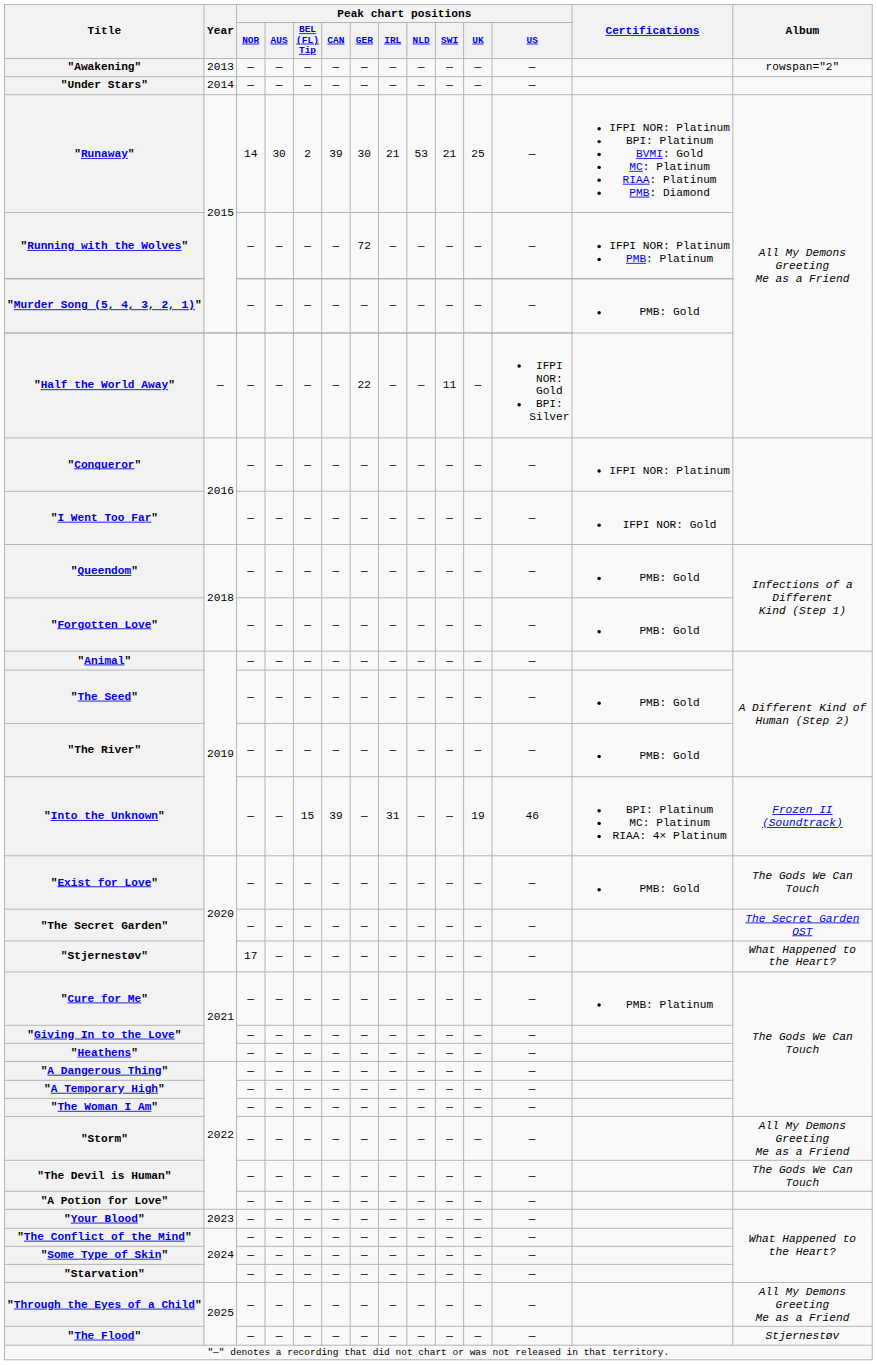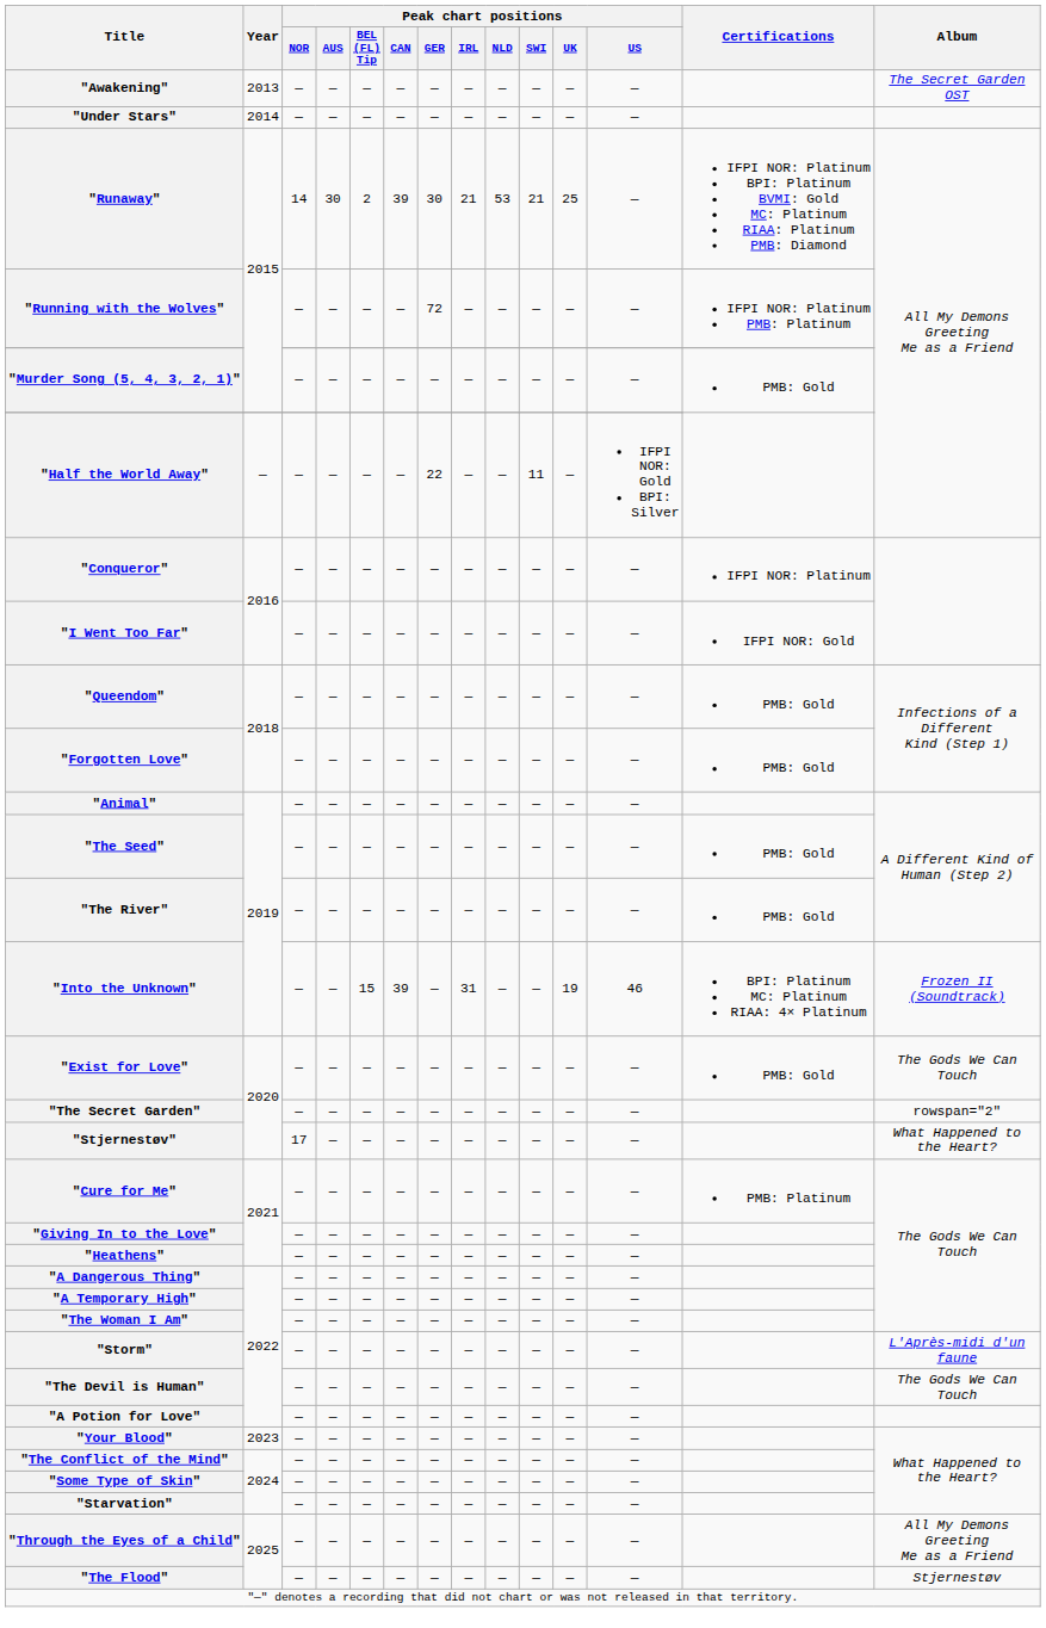 <table class="wikitable plainrowheaders" style="text-align:center;">
 <tr>
 <th scope="col" rowspan="2">Title</th>
 <th scope="col" rowspan="2">Year</th>
 <th scope="col" colspan="10">Peak chart positions</th>
 <th scope="col" rowspan="2"><a href='#'>Certifications</a></th>
 <th scope="col" rowspan="2" style="width:12em;">Album</th>
 </tr>
 <tr>
 <th scope="col" style="width:2.5em;font-size:85%;"><a href='#'>NOR</a><br></th>
 <th scope="col" style="width:2.5em;font-size:85%;"><a href='#'>AUS</a><br></th>
 <th scope="col" style="width:2.5em;font-size:85%;"><a href='#'>BEL<br>(FL)<br>Tip</a><br></th>
 <th scope="col" style="width:2.5em;font-size:85%;"><a href='#'>CAN</a><br></th>
 <th scope="col" style="width:2.5em;font-size:85%;"><a href='#'>GER</a><br></th>
 <th scope="col" style="width:2.5em;font-size:85%;"><a href='#'>IRL</a><br></th>
 <th scope="col" style="width:2.5em;font-size:85%;"><a href='#'>NLD</a><br></th>
 <th scope="col" style="width:2.5em;font-size:85%;"><a href='#'>SWI</a><br></th>
 <th scope="col" style="width:2.5em;font-size:85%;"><a href='#'>UK</a><br></th>
 <th scope="col" style="width:2.5em;font-size:85%;"><a href='#'>US</a><br></th>
 </tr>
 <tr>
 <th scope="row">"Awakening"</th>
 <td>2013</td>
 <td>—</td>
 <td>—</td>
 <td>—</td>
 <td>—</td>
 <td>—</td>
 <td>—</td>
 <td>—</td>
 <td>—</td>
 <td>—</td>
 <td>—</td>
 <td></td>
-<td>rowspan="2" </td>
+<td><em><a href='#'>The Secret Garden OST</a></em></td>
 </tr>
 <tr>
 <th scope="row">"Under Stars"</th>
 <td>2014</td>
 <td>—</td>
 <td>—</td>
 <td>—</td>
 <td>—</td>
 <td>—</td>
 <td>—</td>
 <td>—</td>
 <td>—</td>
 <td>—</td>
 <td>—</td>
 <td></td>
 </tr>
 <tr>
 <th scope="row">"<a href='#'>Runaway</a>"</th>
 <td rowspan="4">2015</td>
 <td>14</td>
 <td>30</td>
 <td>2</td>
 <td>39</td>
 <td>30</td>
 <td>21<br></td>
 <td>53</td>
 <td>21</td>
 <td>25</td>
 <td>—</td>
 <td><br><ul><li>IFPI NOR: Platinum</li><li>BPI: Platinum</li><li><a href='#'>BVMI</a>: Gold</li><li><a href='#'>MC</a>: Platinum</li><li><a href='#'>RIAA</a>: Platinum</li><li><a href='#'>PMB</a>: Diamond</li></ul></td>
 <td rowspan="6"><em>All My Demons Greeting<br>Me as a Friend</em></td>
 </tr>
 <tr>
 <th scope="row">"<a href='#'>Running with the Wolves</a>"</th>
 <td>—</td>
 <td>—</td>
 <td>—</td>
 <td>—</td>
 <td>72</td>
 <td>—</td>
 <td>—</td>
 <td>—</td>
 <td>—</td>
 <td>—</td>
 <td><br><ul><li>IFPI NOR: Platinum</li><li><a href='#'>PMB</a>: Platinum</li></ul></td>
 </tr>
 <tr>
 </tr>
 <tr>
 <th scope="row">"<a href='#'>Murder Song (5, 4, 3, 2, 1)</a>"</th>
 <td>—</td>
 <td>—</td>
 <td>—</td>
 <td>—</td>
 <td>—</td>
 <td>—</td>
 <td>—</td>
 <td>—</td>
 <td>—</td>
 <td>—</td>
 <td><br><ul><li>PMB: Gold</li></ul></td>
 </tr>
 <tr>
 </tr>
 <tr>
 <th scope="row">"<a href='#'>Half the World Away</a>"</th>
 <td>—</td>
 <td>—</td>
 <td>—</td>
 <td>—</td>
 <td>—</td>
 <td>22</td>
 <td>—</td>
 <td>—</td>
 <td>11</td>
 <td>—</td>
 <td><br><ul><li>IFPI NOR: Gold</li><li>BPI: Silver</li></ul></td>
 </tr>
 <tr>
 <th scope="row">"<a href='#'>Conqueror</a>"</th>
 <td rowspan="2">2016</td>
 <td>—</td>
 <td>—</td>
 <td>—</td>
 <td>—</td>
 <td>—</td>
 <td>—</td>
 <td>—</td>
 <td>—</td>
 <td>—</td>
 <td>—</td>
 <td><br><ul><li>IFPI NOR: Platinum</li></ul></td>
 </tr>
 <tr>
 <th scope="row">"<a href='#'>I Went Too Far</a>"</th>
 <td>—</td>
 <td>—</td>
 <td>—</td>
 <td>—</td>
 <td>—</td>
 <td>—</td>
 <td>—</td>
 <td>—</td>
 <td>—</td>
 <td>—</td>
 <td><br><ul><li>IFPI NOR: Gold</li></ul></td>
 </tr>
 <tr>
 <th scope="row">"<a href='#'>Queendom</a>"</th>
 <td rowspan="2">2018</td>
 <td>—</td>
 <td>—</td>
 <td>—</td>
 <td>—</td>
 <td>—</td>
 <td>—</td>
 <td>—</td>
 <td>—</td>
 <td>—</td>
 <td>—</td>
 <td><br><ul><li>PMB: Gold</li></ul></td>
 <td rowspan="2"><em>Infections of a Different<br>Kind (Step 1)</em></td>
 </tr>
 <tr>
 <th scope="row">"<a href='#'>Forgotten Love</a>"</th>
 <td>—</td>
 <td>—</td>
 <td>—</td>
 <td>—</td>
 <td>—</td>
 <td>—</td>
 <td>—</td>
 <td>—</td>
 <td>—</td>
 <td>—</td>
 <td><br><ul><li>PMB: Gold</li></ul></td>
 </tr>
 <tr>
 <th scope="row">"<a href='#'>Animal</a>"</th>
 <td rowspan="4">2019</td>
 <td>—</td>
 <td>—</td>
 <td>—</td>
 <td>—</td>
 <td>—</td>
 <td>—</td>
 <td>—</td>
 <td>—</td>
 <td>—</td>
 <td>—</td>
 <td></td>
 <td rowspan="3"><em>A Different Kind of<br>Human (Step 2)</em></td>
 </tr>
 <tr>
 <th scope="row">"<a href='#'>The Seed</a>"</th>
 <td>—</td>
 <td>—</td>
 <td>—</td>
 <td>—</td>
 <td>—</td>
 <td>—</td>
 <td>—</td>
 <td>—</td>
 <td>—</td>
 <td>—</td>
 <td><br><ul><li>PMB: Gold</li></ul></td>
 </tr>
 <tr>
 <th scope="row">"The River"</th>
 <td>—</td>
 <td>—</td>
 <td>—</td>
 <td>—</td>
 <td>—</td>
 <td>—</td>
 <td>—</td>
 <td>—</td>
 <td>—</td>
 <td>—</td>
 <td><br><ul><li>PMB: Gold</li></ul></td>
 </tr>
 <tr>
 <th scope="row">"<a href='#'>Into the Unknown</a>"<br></th>
 <td>—</td>
 <td>—</td>
 <td>15</td>
 <td>39</td>
 <td>—</td>
 <td>31</td>
 <td>—</td>
 <td>—</td>
 <td>19</td>
 <td>46</td>
 <td><br><ul><li>BPI: Platinum</li><li>MC: Platinum</li><li>RIAA: 4× Platinum</li></ul></td>
 <td><em><a href='#'>Frozen II (Soundtrack)</a></em></td>
 </tr>
 <tr>
 <th scope="row">"<a href='#'>Exist for Love</a>"</th>
 <td rowspan="3">2020</td>
 <td>—</td>
 <td>—</td>
 <td>—</td>
 <td>—</td>
 <td>—</td>
 <td>—</td>
 <td>—</td>
 <td>—</td>
 <td>—</td>
 <td>—</td>
 <td><br><ul><li>PMB: Gold</li></ul></td>
 <td><em>The Gods We Can Touch</em></td>
 </tr>
 <tr>
 <th scope="row">"The Secret Garden"</th>
 <td>—</td>
 <td>—</td>
 <td>—</td>
 <td>—</td>
 <td>—</td>
 <td>—</td>
 <td>—</td>
 <td>—</td>
 <td>—</td>
 <td>—</td>
 <td></td>
-<td><em><a href='#'>The Secret Garden OST</a></em></td>
+<td>rowspan="2" </td>
 </tr>
 <tr>
 <th scope="row">"Stjernestøv"</th>
 <td>17</td>
 <td>—</td>
 <td>—</td>
 <td>—</td>
 <td>—</td>
 <td>—</td>
 <td>—</td>
 <td>—</td>
 <td>—</td>
 <td>—</td>
 <td></td>
 <td><em>What Happened to the Heart?</em></td>
 </tr>
 <tr>
 <th scope="row">"<a href='#'>Cure for Me</a>"</th>
 <td rowspan="3">2021</td>
 <td>—</td>
 <td>—</td>
 <td>—</td>
 <td>—</td>
 <td>—</td>
 <td>—</td>
 <td>—</td>
 <td>—</td>
 <td>—</td>
 <td>—</td>
 <td><br><ul><li>PMB: Platinum</li></ul></td>
 <td rowspan="6"><em>The Gods We Can Touch</em></td>
 </tr>
 <tr>
 <th scope="row">"<a href='#'>Giving In to the Love</a>"</th>
 <td>—</td>
 <td>—</td>
 <td>—</td>
 <td>—</td>
 <td>—</td>
 <td>—</td>
 <td>—</td>
 <td>—</td>
 <td>—</td>
 <td>—</td>
 <td></td>
 </tr>
 <tr>
 <th scope="row">"<a href='#'>Heathens</a>"</th>
 <td>—</td>
 <td>—</td>
 <td>—</td>
 <td>—</td>
 <td>—</td>
 <td>—</td>
 <td>—</td>
 <td>—</td>
 <td>—</td>
 <td>—</td>
 <td></td>
 </tr>
 <tr>
 <th scope="row">"<a href='#'>A Dangerous Thing</a>"</th>
 <td rowspan="6">2022</td>
 <td>—</td>
 <td>—</td>
 <td>—</td>
 <td>—</td>
 <td>—</td>
 <td>—</td>
 <td>—</td>
 <td>—</td>
 <td>—</td>
 <td>—</td>
 <td></td>
 </tr>
 <tr>
 <th scope="row">"<a href='#'>A Temporary High</a>"</th>
 <td>—</td>
 <td>—</td>
 <td>—</td>
 <td>—</td>
 <td>—</td>
 <td>—</td>
 <td>—</td>
 <td>—</td>
 <td>—</td>
 <td>—</td>
 <td></td>
 </tr>
 <tr>
 <th scope="row">"<a href='#'>The Woman I Am</a>"</th>
 <td>—</td>
 <td>—</td>
 <td>—</td>
 <td>—</td>
 <td>—</td>
 <td>—</td>
 <td>—</td>
 <td>—</td>
 <td>—</td>
 <td>—</td>
 <td></td>
 </tr>
 <tr>
 <th scope="row">"Storm"<br></th>
 <td>—</td>
 <td>—</td>
 <td>—</td>
 <td>—</td>
 <td>—</td>
 <td>—</td>
 <td>—</td>
 <td>—</td>
 <td>—</td>
 <td>—</td>
 <td></td>
-<td><em>All My Demons Greeting<br>Me as a Friend</em></td>
+<td><em><a href='#'>L'Après-midi d'un faune</a></em></td>
 </tr>
 <tr>
 <th scope="row">"The Devil is Human"</th>
 <td>—</td>
 <td>—</td>
 <td>—</td>
 <td>—</td>
 <td>—</td>
 <td>—</td>
 <td>—</td>
 <td>—</td>
 <td>—</td>
 <td>—</td>
 <td></td>
 <td><em>The Gods We Can Touch</em></td>
 </tr>
 <tr>
 <th scope="row">"A Potion for Love"</th>
 <td>—</td>
 <td>—</td>
 <td>—</td>
 <td>—</td>
 <td>—</td>
 <td>—</td>
 <td>—</td>
 <td>—</td>
 <td>—</td>
 <td>—</td>
 <td></td>
 <td></td>
 </tr>
 <tr>
 <th scope="row">"<a href='#'>Your Blood</a>"</th>
 <td>2023</td>
 <td>—</td>
 <td>—</td>
 <td>—</td>
 <td>—</td>
 <td>—</td>
 <td>—</td>
 <td>—</td>
 <td>—</td>
 <td>—</td>
 <td>—</td>
 <td></td>
 <td rowspan="4"><em>What Happened to the Heart?</em></td>
 </tr>
 <tr>
 <th scope="row">"<a href='#'>The Conflict of the Mind</a>"</th>
 <td rowspan="3">2024</td>
 <td>—</td>
 <td>—</td>
 <td>—</td>
 <td>—</td>
 <td>—</td>
 <td>—</td>
 <td>—</td>
 <td>—</td>
 <td>—</td>
 <td>—</td>
 <td></td>
 </tr>
 <tr>
 <th scope="row">"<a href='#'>Some Type of Skin</a>"</th>
 <td>—</td>
 <td>—</td>
 <td>—</td>
 <td>—</td>
 <td>—</td>
 <td>—</td>
 <td>—</td>
 <td>—</td>
 <td>—</td>
 <td>—</td>
 <td></td>
 </tr>
 <tr>
 <th scope="row">"Starvation"</th>
 <td>—</td>
 <td>—</td>
 <td>—</td>
 <td>—</td>
 <td>—</td>
 <td>—</td>
 <td>—</td>
 <td>—</td>
 <td>—</td>
 <td>—</td>
 <td></td>
 </tr>
 <tr>
 <th scope="row">"<a href='#'>Through the Eyes of a Child</a>"</th>
 <td rowspan="2">2025</td>
 <td>—</td>
 <td>—</td>
 <td>—</td>
 <td>—</td>
 <td>—</td>
 <td>—</td>
 <td>—</td>
 <td>—</td>
 <td>—</td>
 <td>—</td>
 <td></td>
 <td><em>All My Demons Greeting<br>Me as a Friend</em></td>
 </tr>
 <tr>
 <th scope="row">"<a href='#'>The Flood</a>"</th>
 <td>—</td>
 <td>—</td>
 <td>—</td>
 <td>—</td>
 <td>—</td>
 <td>—</td>
 <td>—</td>
 <td>—</td>
 <td>—</td>
 <td>—</td>
 <td></td>
 <td><em>Stjernestøv</em></td>
 </tr>
 <tr>
 <td colspan="22" style="font-size:85%">"—" denotes a recording that did not chart or was not released in that territory.</td>
 </tr>
 </table>
